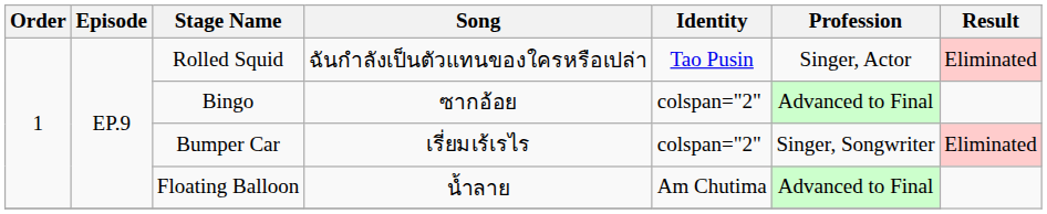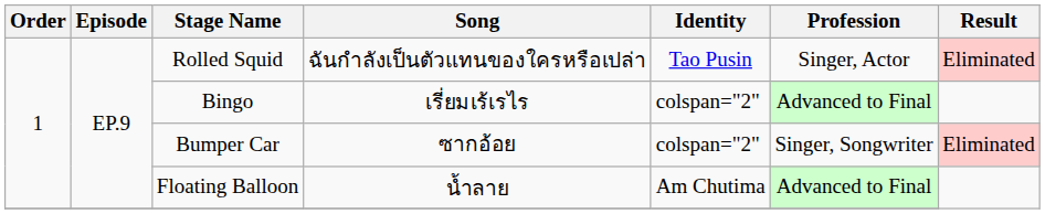 <table class="wikitable">
 <tr>
 <th>Order</th>
 <th>Episode</th>
 <th>Stage Name</th>
 <th>Song</th>
 <th>Identity</th>
 <th>Profession</th>
 <th>Result</th>
 </tr>
 <tr>
 <td rowspan="4" align="center">1</td>
 <td rowspan="4" align="center">EP.9</td>
 <td style="text-align:center;">Rolled Squid</td>
 <td style="text-align:center;">ฉันกำลังเป็นตัวแทนของใครหรือเปล่า</td>
 <td style="text-align:center;"><a href='#'>Tao Pusin</a></td>
 <td style="text-align:center;">Singer, Actor</td>
 <td style="text-align:center; background:#ffcccc;">Eliminated</td>
 </tr>
 <tr>
 <td style="text-align:center;">Bingo</td>
-<td style="text-align:center;">ซากอ้อย</td>
+<td style="text-align:center;">เรี่ยมเร้เรไร</td>
 <td>colspan="2"  </td>
 <td style="text-align:center; background:#ccffcc;">Advanced to Final</td>
 </tr>
 <tr>
 <td style="text-align:center;">Bumper Car</td>
-<td style="text-align:center;">เรี่ยมเร้เรไร</td>
+<td style="text-align:center;">ซากอ้อย</td>
 <td>colspan="2"  </td>
 <td style="text-align:center;">Singer, Songwriter</td>
 <td style="text-align:center; background:#ffcccc;">Eliminated</td>
 </tr>
 <tr>
 <td style="text-align:center;">Floating Balloon</td>
 <td style="text-align:center;">น้ำลาย</td>
 <td style="text-align:center;">Am Chutima</td>
 <td style="text-align:center; background:#ccffcc;">Advanced to Final</td>
 </tr>
 <tr>
 </tr>
 </table>
